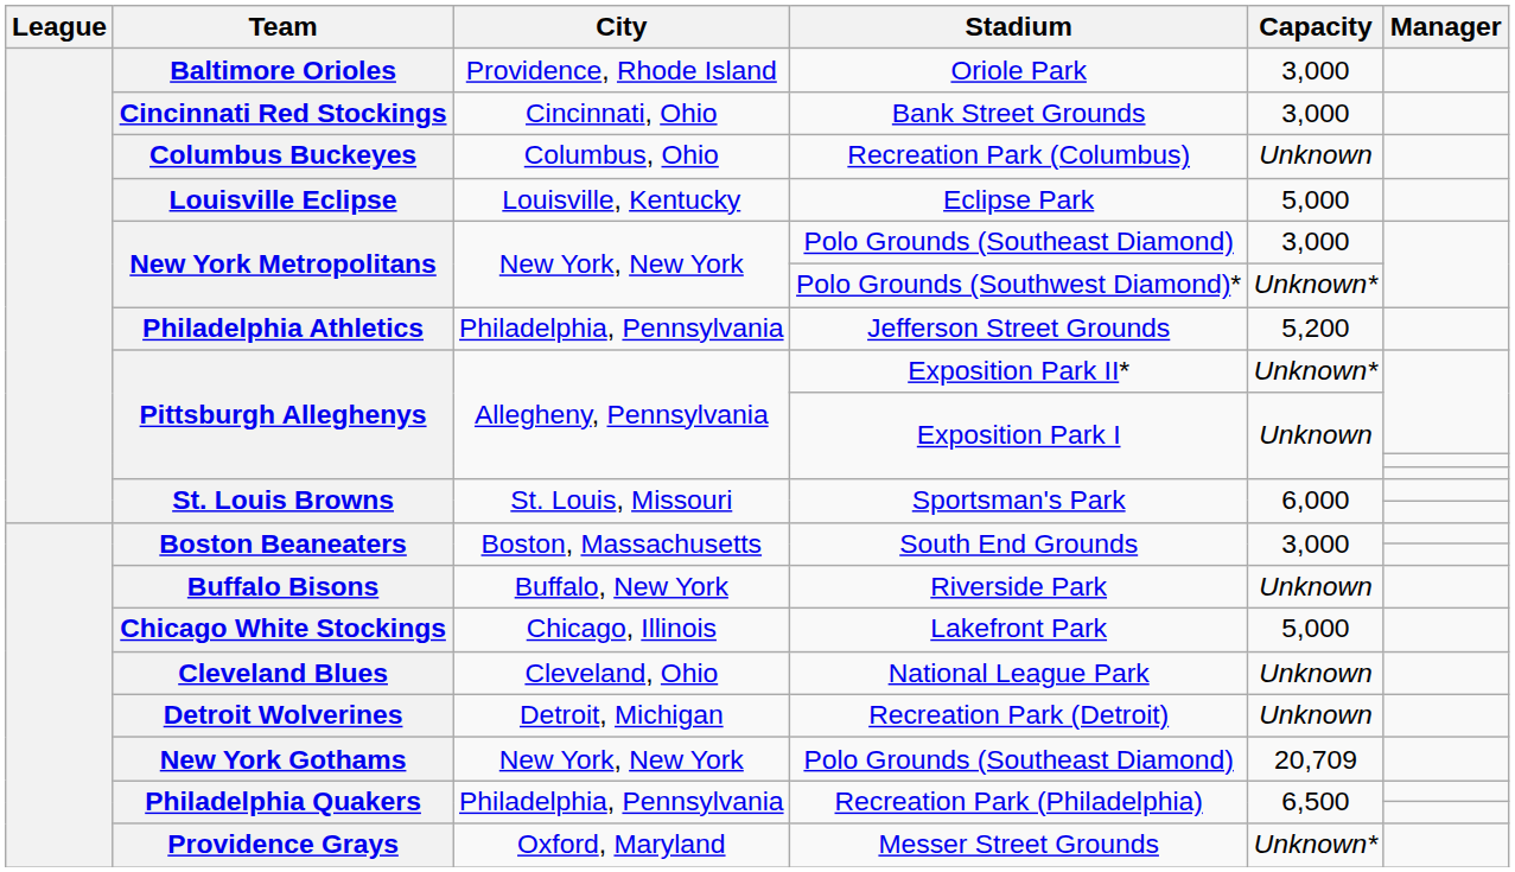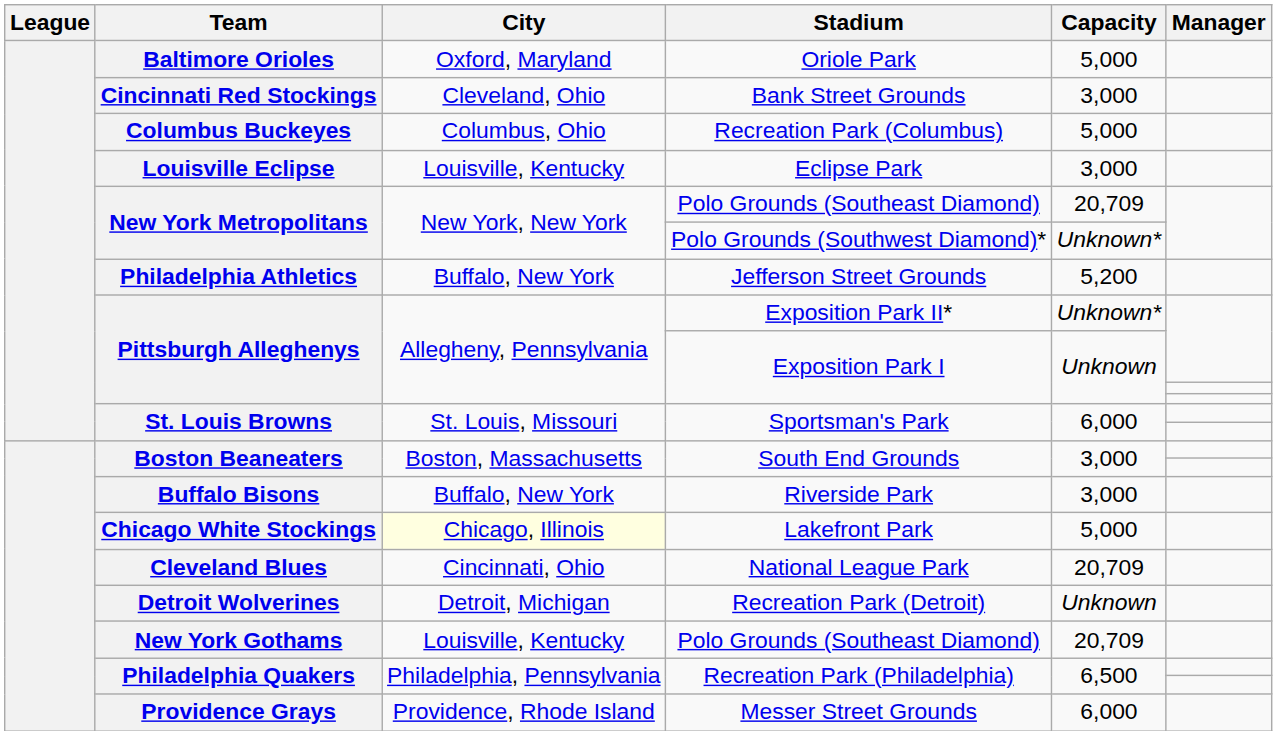 <table class="wikitable sortable plainrowheaders" style="text-align:center;">
 <tr>
 <th scope="col">League</th>
 <th scope="col">Team</th>
 <th scope="col">City</th>
 <th scope="col">Stadium</th>
 <th scope="col">Capacity</th>
 <th scope="col">Manager</th>
 </tr>
 <tr>
 <th rowspan="13"></th>
 <th scope="row"><a href='#'>Baltimore Orioles</a></th>
-<td><a href='#'>Providence</a>, <a href='#'>Rhode Island</a></td>
+<td><a href='#'>Oxford</a>, <a href='#'>Maryland</a></td>
 <td><a href='#'>Oriole Park</a></td>
-<td>3,000</td>
+<td>5,000</td>
 <td></td>
 </tr>
 <tr>
 <th scope="row"><a href='#'>Cincinnati Red Stockings</a></th>
-<td><a href='#'>Cincinnati</a>, <a href='#'>Ohio</a></td>
+<td><a href='#'>Cleveland</a>, <a href='#'>Ohio</a></td>
 <td><a href='#'>Bank Street Grounds</a></td>
 <td>3,000</td>
 <td></td>
 </tr>
 <tr>
 <th scope="row"><a href='#'>Columbus Buckeyes</a></th>
 <td><a href='#'>Columbus</a>, <a href='#'>Ohio</a></td>
 <td><a href='#'>Recreation Park (Columbus)</a></td>
-<td><em>Unknown</em></td>
+<td>5,000</td>
 <td></td>
 </tr>
 <tr>
 <th scope="row"><a href='#'>Louisville Eclipse</a></th>
 <td><a href='#'>Louisville</a>, <a href='#'>Kentucky</a></td>
 <td><a href='#'>Eclipse Park</a></td>
-<td>5,000</td>
+<td>3,000</td>
 <td></td>
 </tr>
 <tr>
 <th rowspan="2" scope="row"><a href='#'>New York Metropolitans</a></th>
 <td rowspan="2"><a href='#'>New York</a>, <a href='#'>New York</a></td>
 <td><a href='#'>Polo Grounds (Southeast Diamond)</a></td>
-<td>3,000</td>
+<td>20,709</td>
 <td rowspan="2"></td>
 </tr>
 <tr>
 <td><a href='#'>Polo Grounds (Southwest Diamond)</a>*</td>
 <td><em>Unknown*</em></td>
 </tr>
 <tr>
 <th scope="row"><a href='#'>Philadelphia Athletics</a></th>
-<td><a href='#'>Philadelphia</a>, <a href='#'>Pennsylvania</a></td>
+<td><a href='#'>Buffalo</a>, <a href='#'>New York</a></td>
 <td><a href='#'>Jefferson Street Grounds</a></td>
 <td>5,200</td>
 <td></td>
 </tr>
 <tr>
 <th rowspan="4" scope="row"><a href='#'>Pittsburgh Alleghenys</a></th>
 <td rowspan="4"><a href='#'>Allegheny</a>, <a href='#'>Pennsylvania</a></td>
 <td><a href='#'>Exposition Park II</a>*</td>
 <td><em>Unknown*</em></td>
 <td rowspan="2"><br><br> </td>
 </tr>
 <tr>
 <td rowspan="3"><a href='#'>Exposition Park I</a></td>
 <td rowspan="3"><em>Unknown</em></td>
 </tr>
 <tr>
 <td></td>
 </tr>
 <tr>
 <td></td>
 </tr>
 <tr>
 <th rowspan="2" scope="row"><a href='#'>St. Louis Browns</a></th>
 <td rowspan="2"><a href='#'>St. Louis</a>, <a href='#'>Missouri</a></td>
 <td rowspan="2"><a href='#'>Sportsman's Park</a></td>
 <td rowspan="2">6,000</td>
 <td></td>
 </tr>
 <tr>
 <td></td>
 </tr>
 <tr>
 <th rowspan="10"></th>
 <th rowspan="2" scope="row"><a href='#'>Boston Beaneaters</a></th>
 <td rowspan="2"><a href='#'>Boston</a>, <a href='#'>Massachusetts</a></td>
 <td rowspan="2"><a href='#'>South End Grounds</a></td>
 <td rowspan="2">3,000</td>
 <td></td>
 </tr>
 <tr>
 <td></td>
 </tr>
 <tr>
 <th scope="row"><a href='#'>Buffalo Bisons</a></th>
 <td><a href='#'>Buffalo</a>, <a href='#'>New York</a></td>
 <td><a href='#'>Riverside Park</a></td>
-<td><em>Unknown</em></td>
+<td>3,000</td>
 <td></td>
 </tr>
 <tr>
 <th scope="row"><a href='#'>Chicago White Stockings</a></th>
-<td><a href='#'>Chicago</a>, <a href='#'>Illinois</a></td>
+<td style="background: lightyellow;"><a href='#'>Chicago</a>, <a href='#'>Illinois</a></td>
 <td><a href='#'>Lakefront Park</a></td>
 <td>5,000</td>
 <td></td>
 </tr>
 <tr>
 <th scope="row"><a href='#'>Cleveland Blues</a></th>
-<td><a href='#'>Cleveland</a>, <a href='#'>Ohio</a></td>
+<td><a href='#'>Cincinnati</a>, <a href='#'>Ohio</a></td>
 <td><a href='#'>National League Park</a></td>
-<td><em>Unknown</em></td>
+<td>20,709</td>
 <td></td>
 </tr>
 <tr>
 <th scope="row"><a href='#'>Detroit Wolverines</a></th>
 <td><a href='#'>Detroit</a>, <a href='#'>Michigan</a></td>
 <td><a href='#'>Recreation Park (Detroit)</a></td>
 <td><em>Unknown</em></td>
 <td></td>
 </tr>
 <tr>
 <th scope="row"><a href='#'>New York Gothams</a></th>
-<td><a href='#'>New York</a>, <a href='#'>New York</a></td>
+<td><a href='#'>Louisville</a>, <a href='#'>Kentucky</a></td>
 <td><a href='#'>Polo Grounds (Southeast Diamond)</a></td>
 <td>20,709</td>
 <td></td>
 </tr>
 <tr>
 <th rowspan="2" scope="row"><a href='#'>Philadelphia Quakers</a></th>
 <td rowspan="2"><a href='#'>Philadelphia</a>, <a href='#'>Pennsylvania</a></td>
 <td rowspan="2"><a href='#'>Recreation Park (Philadelphia)</a></td>
 <td rowspan="2">6,500</td>
 <td></td>
 </tr>
 <tr>
 <td></td>
 </tr>
 <tr>
 <th scope="row"><a href='#'>Providence Grays</a></th>
-<td><a href='#'>Oxford</a>, <a href='#'>Maryland</a></td>
+<td><a href='#'>Providence</a>, <a href='#'>Rhode Island</a></td>
 <td><a href='#'>Messer Street Grounds</a></td>
-<td><em>Unknown*</em></td>
+<td>6,000</td>
 <td></td>
 </tr>
 </table>
